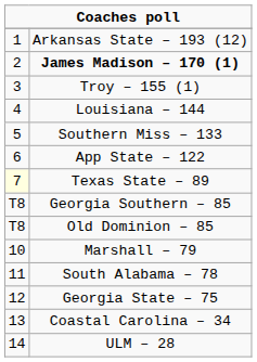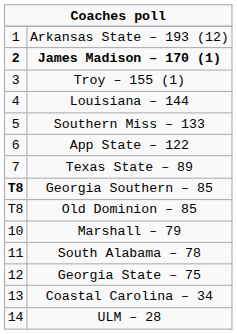 <table class="wikitable" style="display: inline-table;">
 <tr>
 <td align="center" Colspan="3"><strong>Coaches poll</strong></td>
 </tr>
 <tr align="center">
 </tr>
 <tr align="center">
 <td>1</td>
 <td>Arkansas State – 193 (12)</td>
 </tr>
 <tr align="center">
-<td>2</td>
+<td><strong>2</strong></td>
 <td><strong>James Madison – 170 (1)</strong></td>
 </tr>
 <tr align="center">
 <td>3</td>
 <td>Troy – 155 (1)</td>
 </tr>
 <tr align="center">
 <td>4</td>
 <td>Louisiana – 144</td>
 </tr>
 <tr align="center">
 <td>5</td>
 <td>Southern Miss – 133</td>
 </tr>
 <tr align="center">
 <td>6</td>
 <td>App State – 122</td>
 </tr>
 <tr align="center">
-<td style="background: lightyellow;">7</td>
+<td>7</td>
 <td>Texas State – 89</td>
 </tr>
 <tr align="center">
-<td>T8</td>
+<td><strong>T8</strong></td>
 <td>Georgia Southern – 85</td>
 </tr>
 <tr align="center">
 <td>T8</td>
 <td>Old Dominion – 85</td>
 </tr>
 <tr align="center">
 <td>10</td>
 <td>Marshall – 79</td>
 </tr>
 <tr align="center">
 <td>11</td>
 <td>South Alabama – 78</td>
 </tr>
 <tr align="center">
 <td>12</td>
 <td>Georgia State – 75</td>
 </tr>
 <tr align="center">
 <td>13</td>
 <td>Coastal Carolina – 34</td>
 </tr>
 <tr align="center">
 <td>14</td>
 <td>ULM – 28</td>
 </tr>
 </table>
